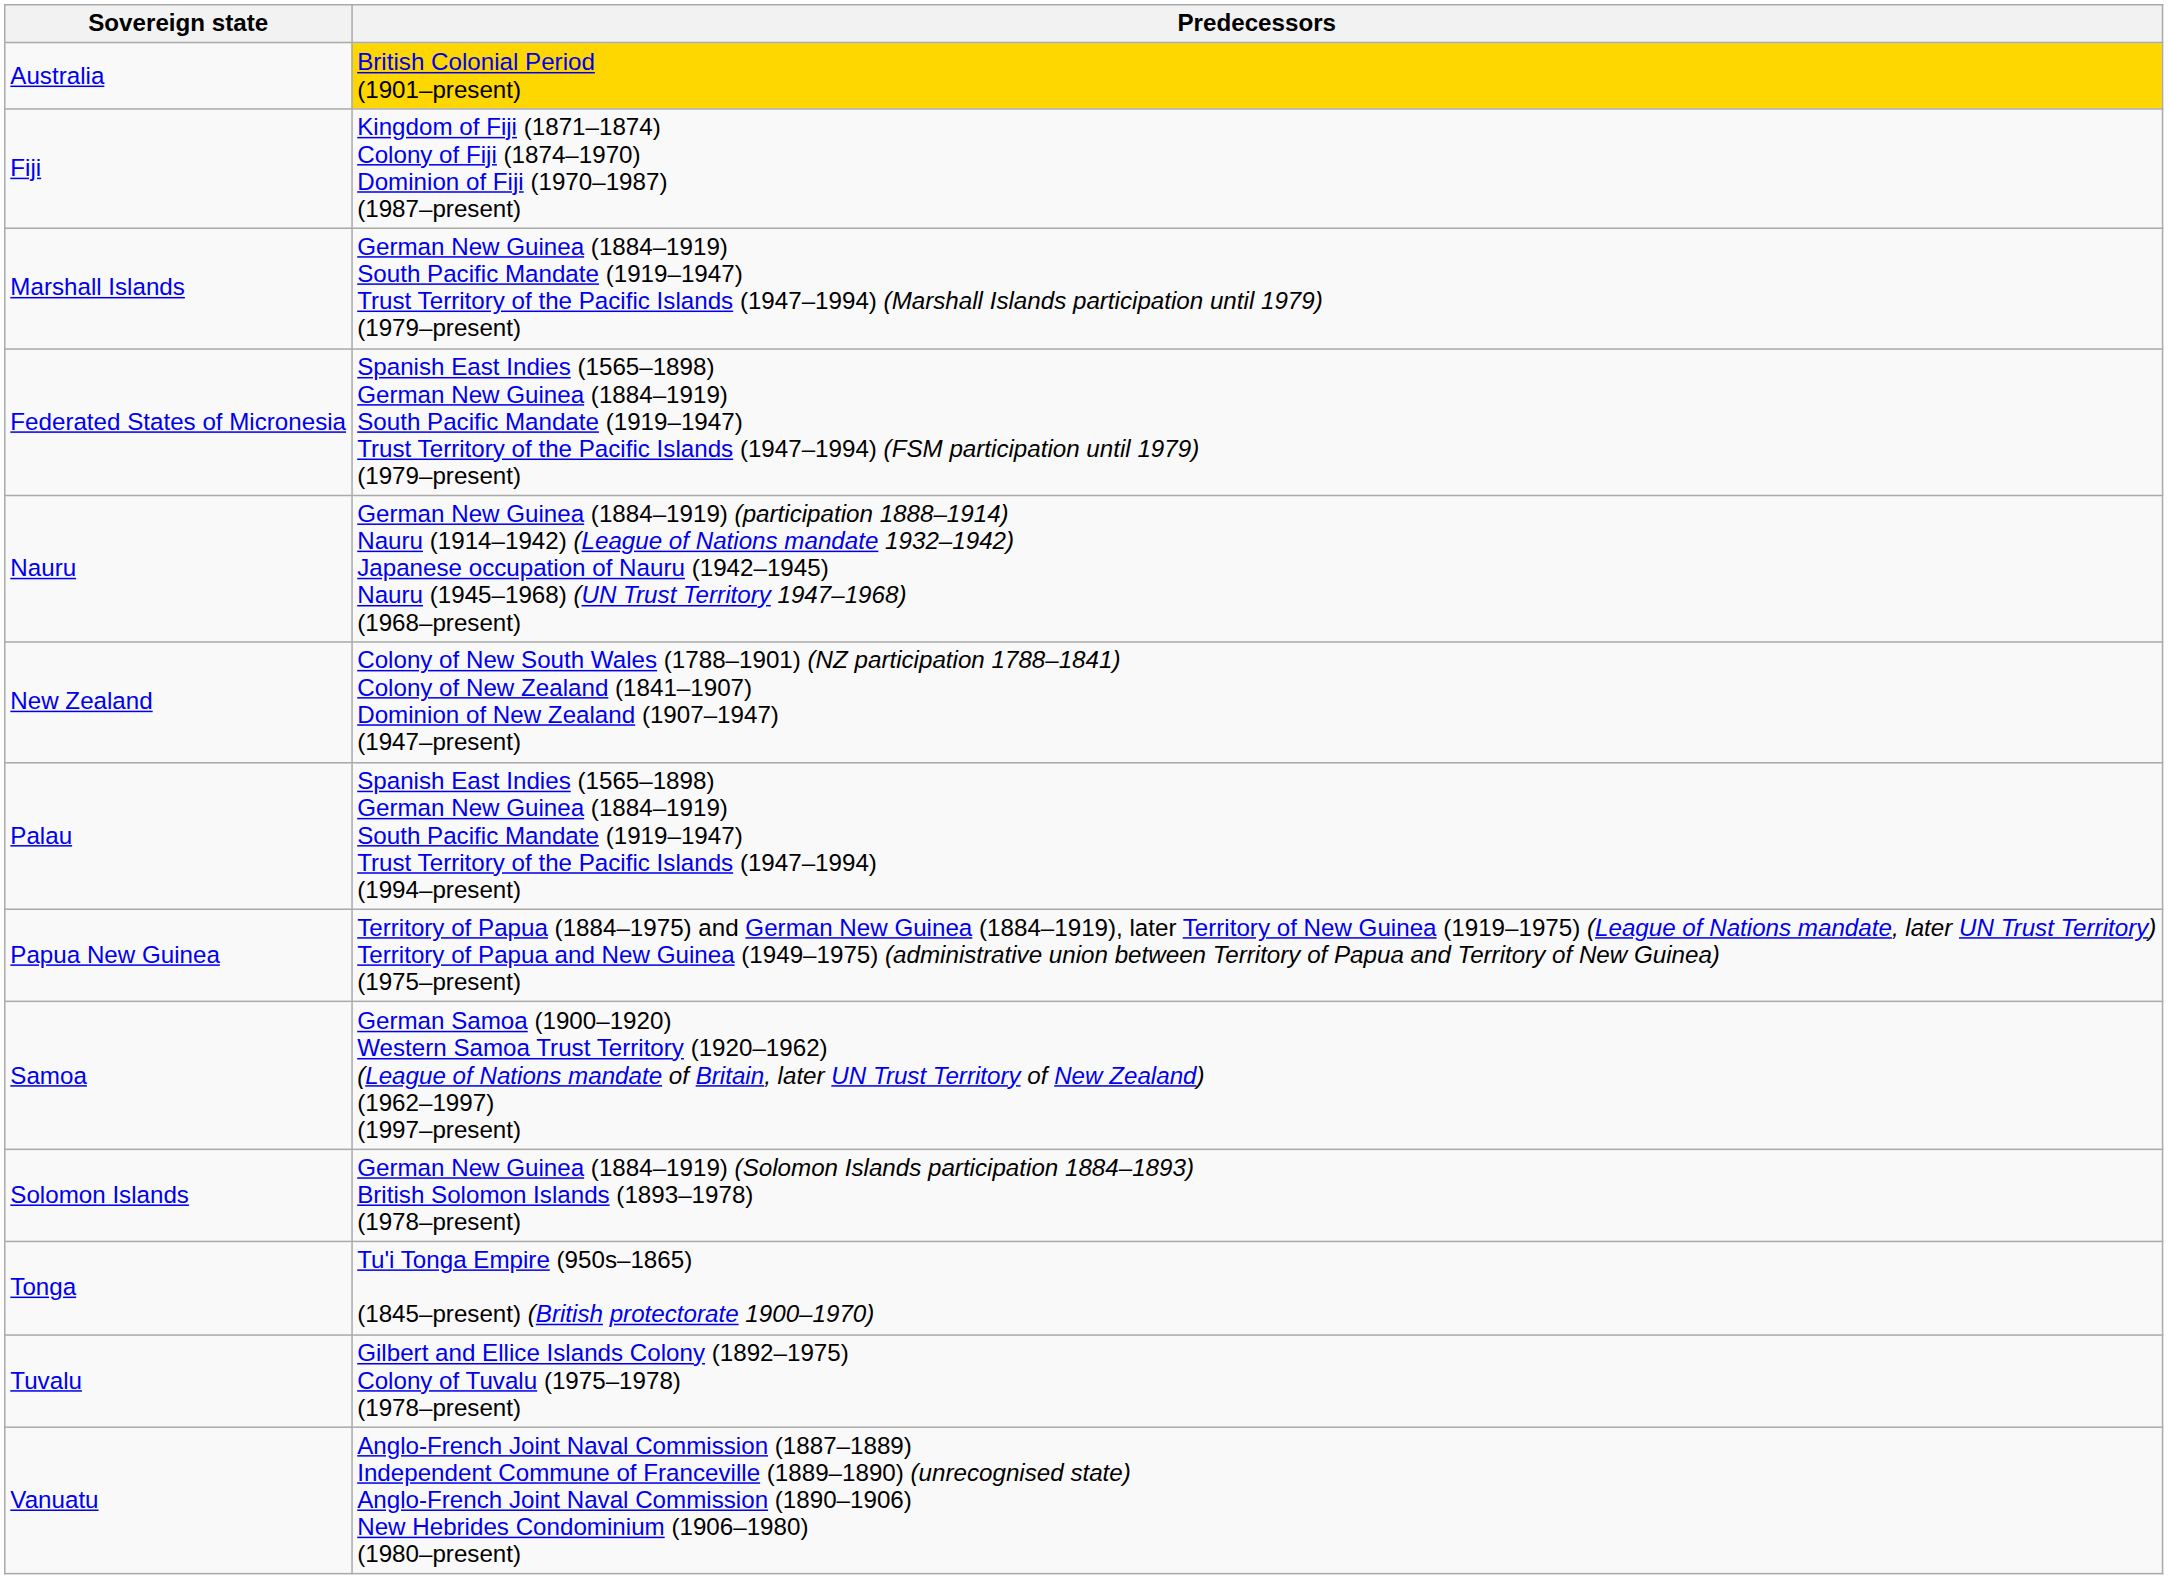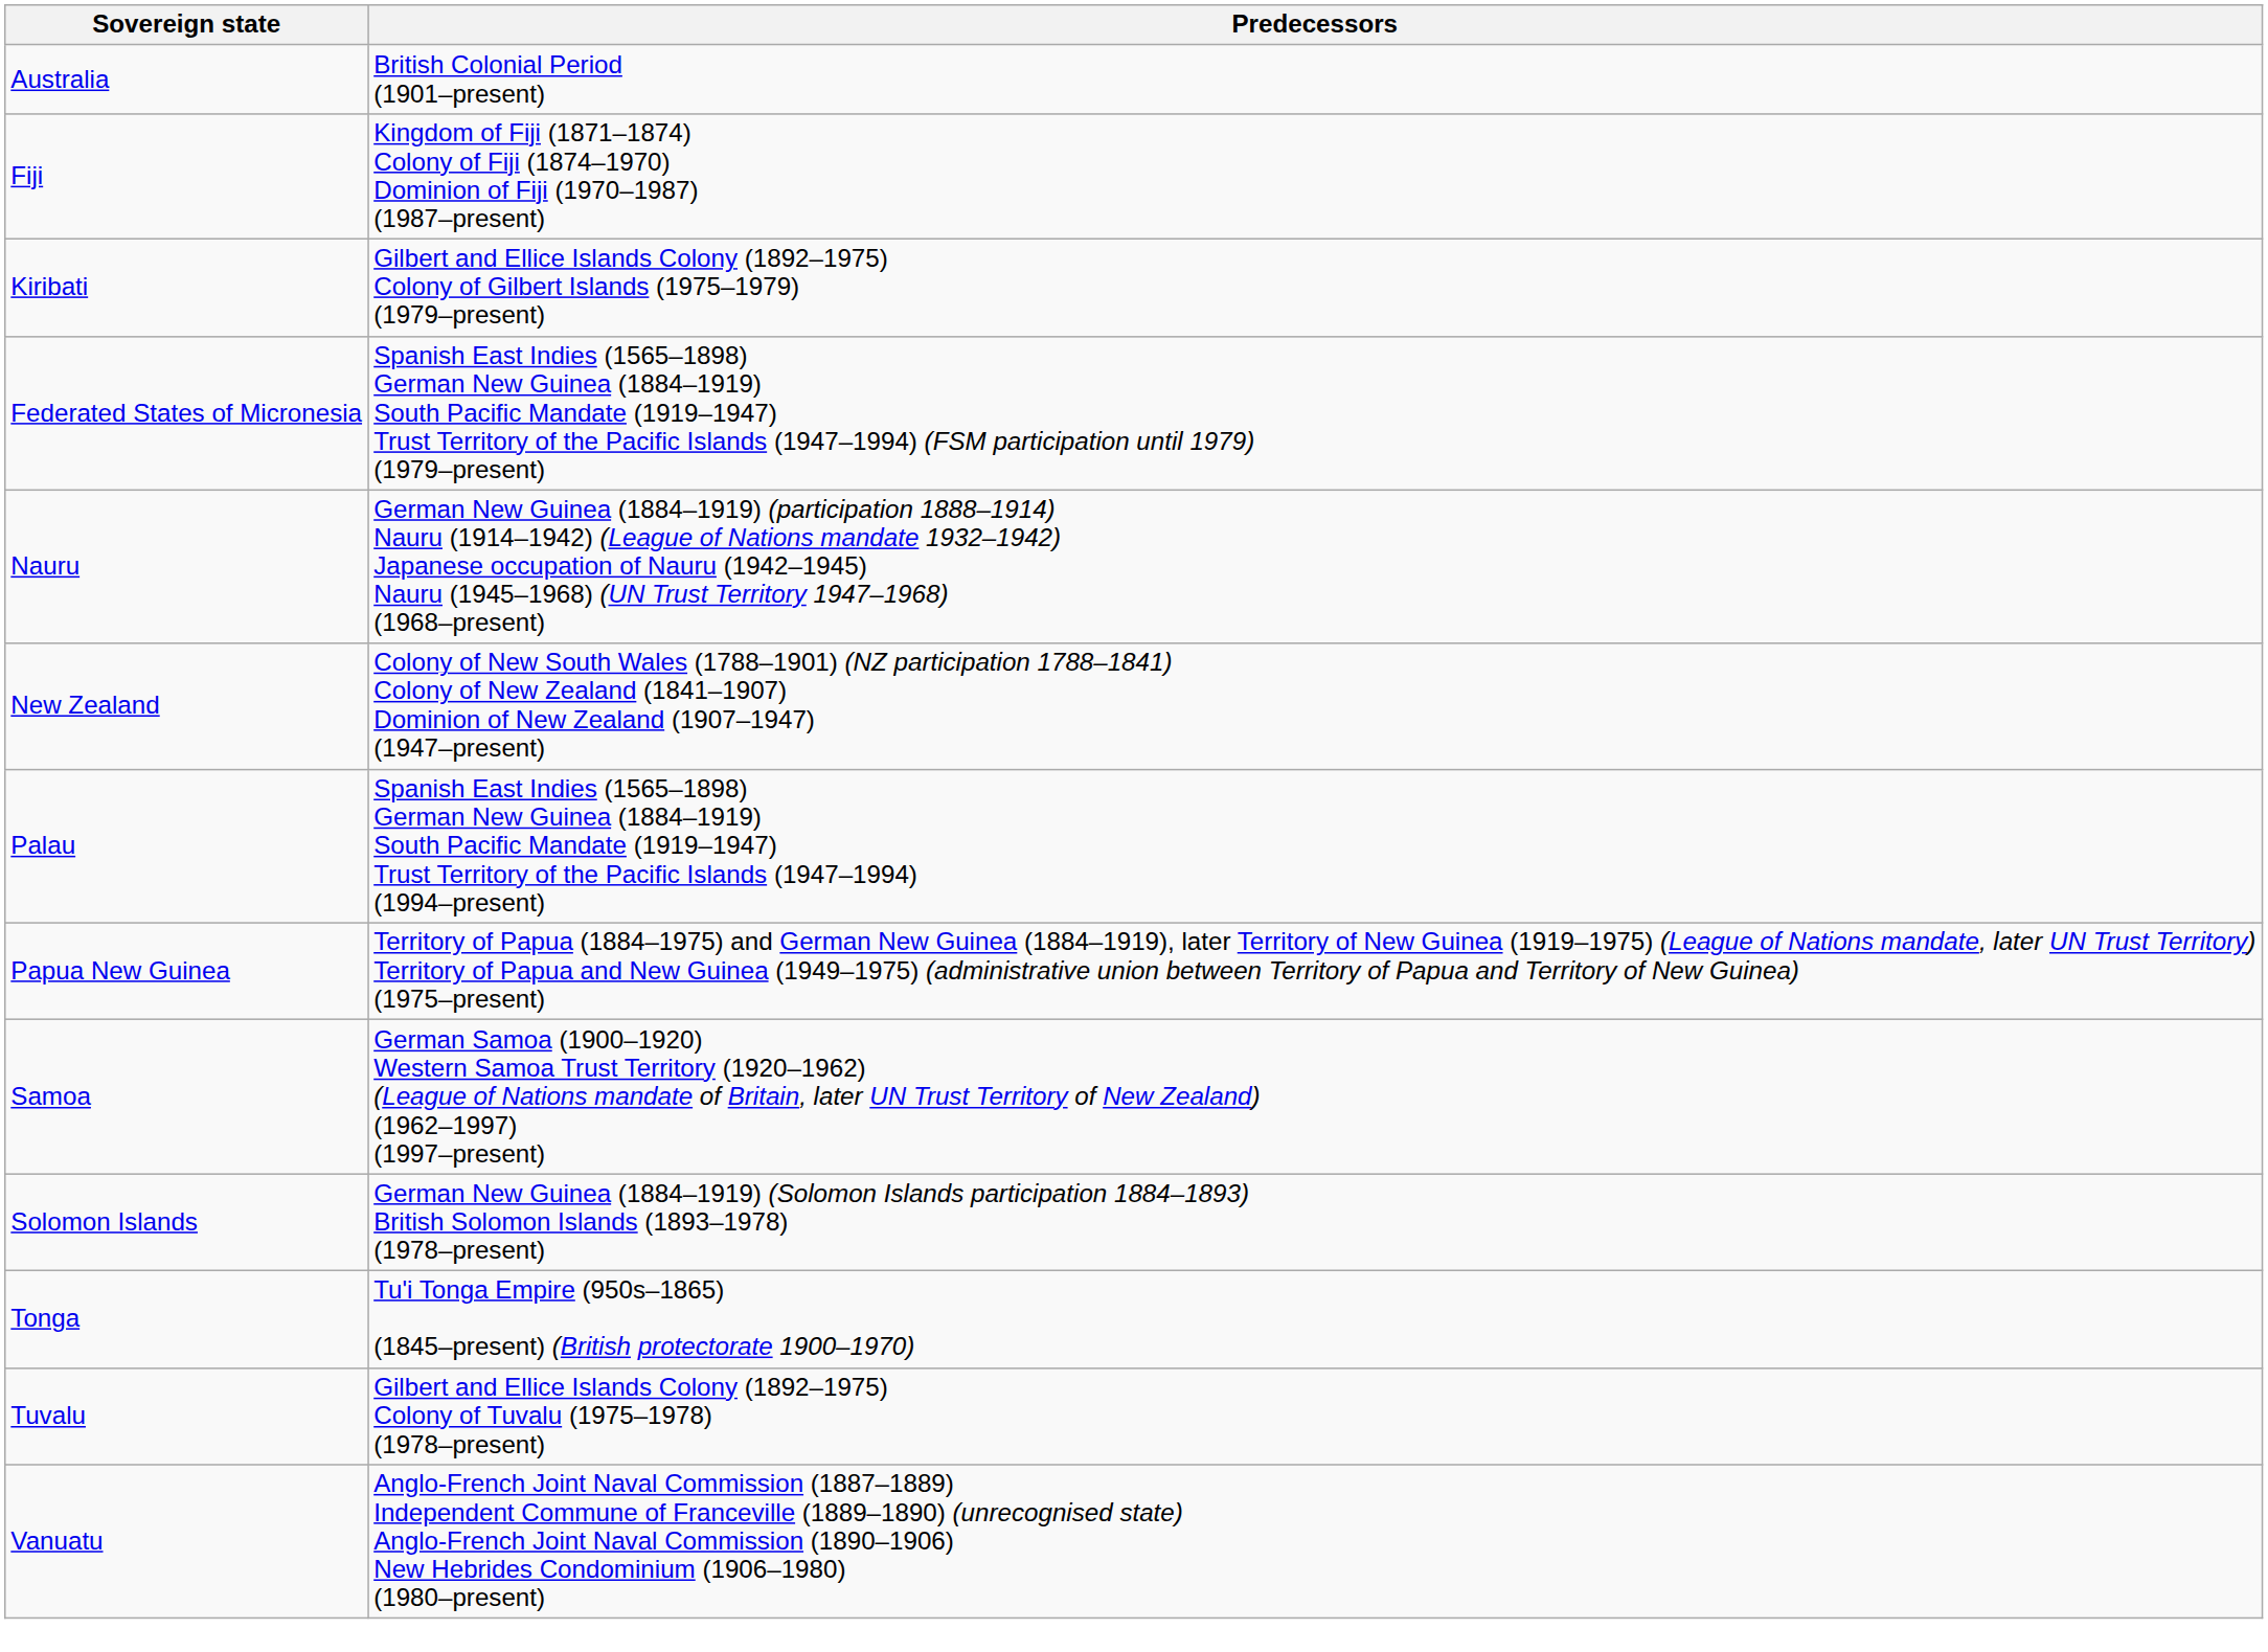 <table class="wikitable">
 <tr>
 <th>Sovereign state</th>
 <th>Predecessors</th>
 </tr>
 <tr>
 <td><a href='#'>Australia</a></td>
-<td style="background: gold;"> <a href='#'>British Colonial Period</a><br><strong></strong> (1901–present)</td>
+<td> <a href='#'>British Colonial Period</a><br><strong></strong> (1901–present)</td>
 </tr>
 <tr>
 <td><a href='#'>Fiji</a></td>
 <td> <a href='#'>Kingdom of Fiji</a> (1871–1874)<br> <a href='#'>Colony of Fiji</a> (1874–1970)<br> <a href='#'>Dominion of Fiji</a> (1970–1987)<br><strong></strong> (1987–present)</td>
 </tr>
 <tr>
-<td><a href='#'>Marshall Islands</a></td>
-<td> <a href='#'>German New Guinea</a> (1884–1919)<br> <a href='#'>South Pacific Mandate</a> (1919–1947)<br> <a href='#'>Trust Territory of the Pacific Islands</a> (1947–1994) <em>(Marshall Islands participation until 1979)</em><br><strong></strong> (1979–present)</td>
+<td><a href='#'>Kiribati</a></td>
+<td> <a href='#'>Gilbert and Ellice Islands Colony</a> (1892–1975)<br> <a href='#'>Colony of Gilbert Islands</a> (1975–1979)<br><strong></strong> (1979–present)</td>
 </tr>
 <tr>
 <td><a href='#'>Federated States of Micronesia</a></td>
 <td> <a href='#'>Spanish East Indies</a> (1565–1898)<br> <a href='#'>German New Guinea</a> (1884–1919)<br> <a href='#'>South Pacific Mandate</a> (1919–1947)<br> <a href='#'>Trust Territory of the Pacific Islands</a> (1947–1994) <em>(FSM participation until 1979)</em><br><strong></strong> (1979–present)</td>
 </tr>
 <tr>
 <td><a href='#'>Nauru</a></td>
 <td> <a href='#'>German New Guinea</a> (1884–1919) <em>(participation 1888–1914)</em><br> <a href='#'>Nauru</a> (1914–1942) <em>(<a href='#'>League of Nations mandate</a> 1932–1942)</em><br> <a href='#'>Japanese occupation of Nauru</a> (1942–1945)<br> <a href='#'>Nauru</a> (1945–1968) <em>(<a href='#'>UN Trust Territory</a> 1947–1968)</em><br><strong></strong> (1968–present)</td>
 </tr>
 <tr>
 <td><a href='#'>New Zealand</a></td>
 <td> <a href='#'>Colony of New South Wales</a> (1788–1901) <em>(NZ participation 1788–1841)</em><br> <a href='#'>Colony of New Zealand</a> (1841–1907)<br> <a href='#'>Dominion of New Zealand</a> (1907–1947)<br><strong></strong> (1947–present)</td>
 </tr>
 <tr>
 <td><a href='#'>Palau</a></td>
 <td> <a href='#'>Spanish East Indies</a> (1565–1898)<br> <a href='#'>German New Guinea</a> (1884–1919)<br> <a href='#'>South Pacific Mandate</a> (1919–1947)<br> <a href='#'>Trust Territory of the Pacific Islands</a> (1947–1994)<br><strong></strong> (1994–present)</td>
 </tr>
 <tr>
 <td><a href='#'>Papua New Guinea</a></td>
 <td> <a href='#'>Territory of Papua</a> (1884–1975) and  <a href='#'>German New Guinea</a> (1884–1919), later  <a href='#'>Territory of New Guinea</a> (1919–1975) <em>(<a href='#'>League of Nations mandate</a>, later <a href='#'>UN Trust Territory</a>)</em><br> <a href='#'>Territory of Papua and New Guinea</a> (1949–1975) <em>(administrative union between Territory of Papua and Territory of New Guinea)</em><br><strong></strong> (1975–present)</td>
 </tr>
 <tr>
 <td><a href='#'>Samoa</a></td>
 <td> <a href='#'>German Samoa</a> (1900–1920)<br> <a href='#'>Western Samoa Trust Territory</a> (1920–1962)<br><em>(<a href='#'>League of Nations mandate</a> of <a href='#'>Britain</a>, later <a href='#'>UN Trust Territory</a> of <a href='#'>New Zealand</a>)</em><br> (1962–1997) <br><strong></strong> (1997–present)</td>
 </tr>
 <tr>
 <td><a href='#'>Solomon Islands</a></td>
 <td> <a href='#'>German New Guinea</a> (1884–1919) <em>(Solomon Islands participation 1884–1893)</em><br> <a href='#'>British Solomon Islands</a> (1893–1978)<br><strong></strong> (1978–present)</td>
 </tr>
 <tr>
 <td><a href='#'>Tonga</a></td>
 <td><a href='#'>Tu'i Tonga Empire</a> (950s–1865) <br><br><strong></strong> (1845–present) <em>(<a href='#'>British</a> <a href='#'>protectorate</a> 1900–1970)</em></td>
 </tr>
 <tr>
 <td><a href='#'>Tuvalu</a></td>
 <td> <a href='#'>Gilbert and Ellice Islands Colony</a> (1892–1975)<br> <a href='#'>Colony of Tuvalu</a> (1975–1978)<br><strong></strong> (1978–present)</td>
 </tr>
 <tr>
 <td><a href='#'>Vanuatu</a></td>
 <td> <a href='#'>Anglo-French Joint Naval Commission</a> (1887–1889)<br> <a href='#'>Independent Commune of Franceville</a> (1889–1890) <em>(unrecognised state)</em><br> <a href='#'>Anglo-French Joint Naval Commission</a> (1890–1906)<br>  <a href='#'>New Hebrides Condominium</a> (1906–1980)<br><strong></strong> (1980–present)</td>
 </tr>
 </table>
